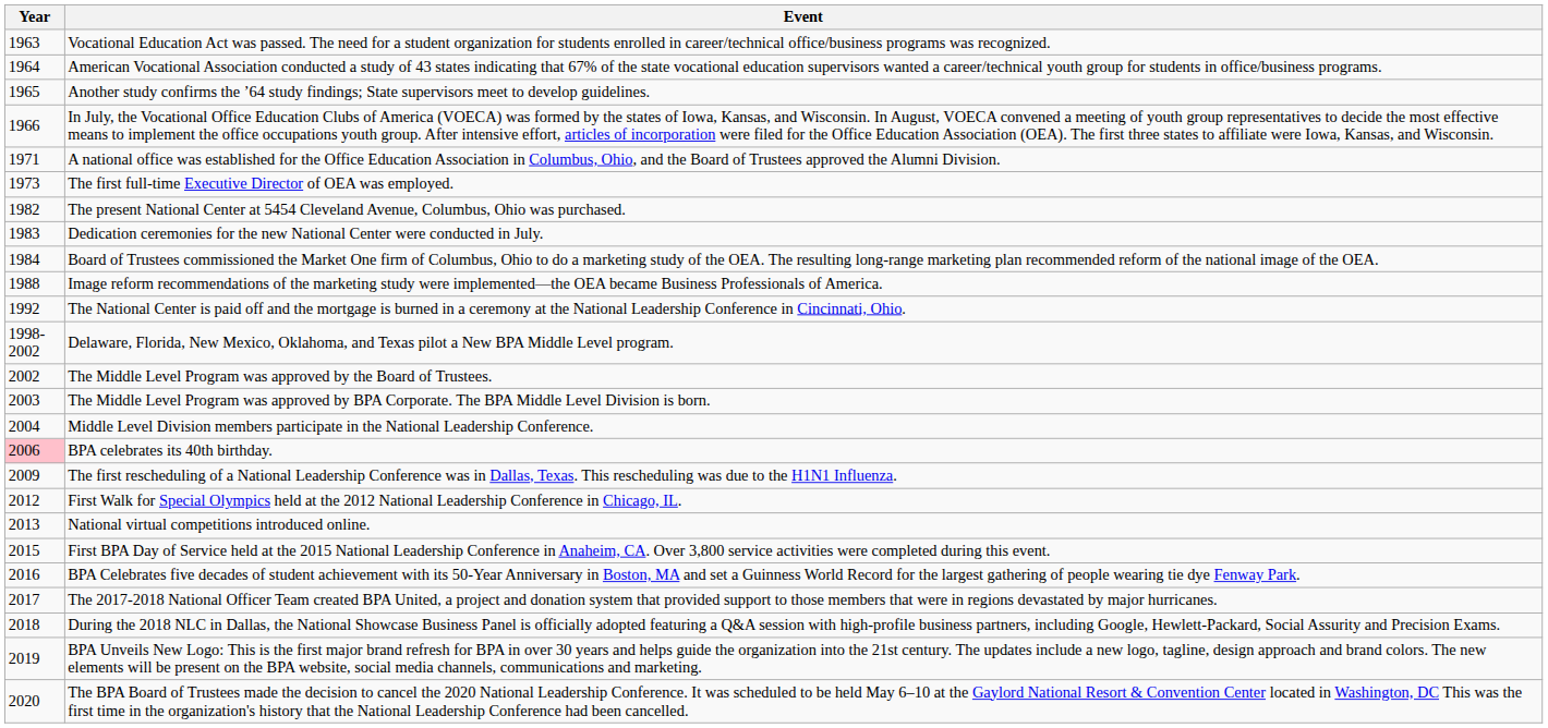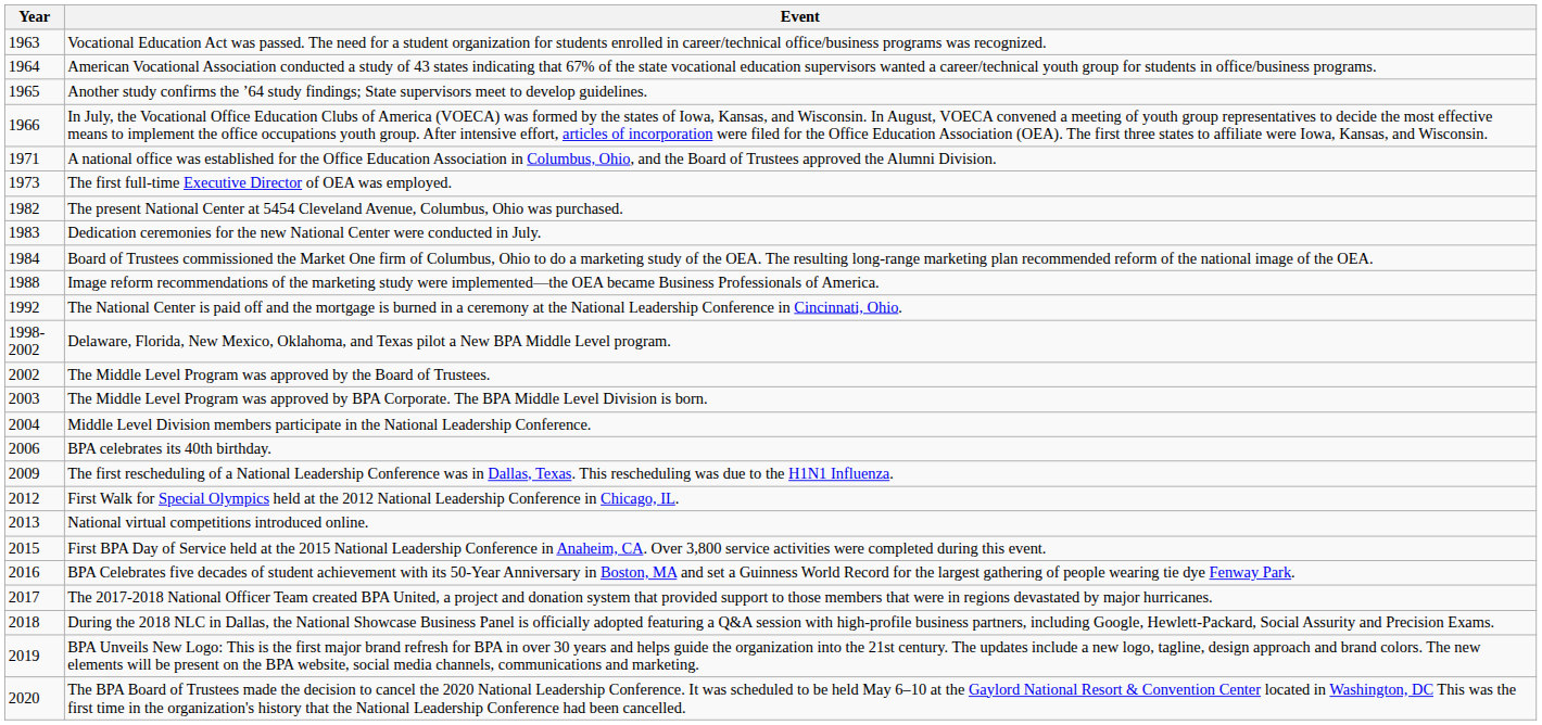 <table class="wikitable">
 <tr>
 <th>Year</th>
 <th>Event</th>
 </tr>
 <tr>
 <td>1963</td>
 <td>Vocational Education Act was passed. The need for a student organization for students enrolled in career/technical office/business programs was recognized.</td>
 </tr>
 <tr>
 <td>1964</td>
 <td>American Vocational Association conducted a study of 43 states indicating that 67% of the state vocational education supervisors wanted a career/technical youth group for students in office/business programs.</td>
 </tr>
 <tr>
 <td>1965</td>
 <td>Another study confirms the ’64 study findings; State supervisors meet to develop guidelines.</td>
 </tr>
 <tr>
 <td>1966</td>
 <td>In July, the Vocational Office Education Clubs of America (VOECA) was formed by the states of Iowa, Kansas, and Wisconsin. In August, VOECA convened a meeting of youth group representatives to decide the most effective means to implement the office occupations youth group. After intensive effort, <a href='#'>articles of incorporation</a> were filed for the Office Education Association (OEA). The first three states to affiliate were Iowa, Kansas, and Wisconsin.</td>
 </tr>
 <tr>
 <td>1971</td>
 <td>A national office was established for the Office Education Association in <a href='#'>Columbus, Ohio</a>, and the Board of Trustees approved the Alumni Division.</td>
 </tr>
 <tr>
 <td>1973</td>
 <td>The first full-time <a href='#'>Executive Director</a> of OEA was employed.</td>
 </tr>
 <tr>
 <td>1982</td>
 <td>The present National Center at 5454 Cleveland Avenue, Columbus, Ohio was purchased.</td>
 </tr>
 <tr>
 <td>1983</td>
 <td>Dedication ceremonies for the new National Center were conducted in July.</td>
 </tr>
 <tr>
 <td>1984</td>
 <td>Board of Trustees commissioned the Market One firm of Columbus, Ohio to do a marketing study of the OEA. The resulting long-range marketing plan recommended reform of the national image of the OEA.</td>
 </tr>
 <tr>
 <td>1988</td>
 <td>Image reform recommendations of the marketing study were implemented—the OEA became Business Professionals of America.</td>
 </tr>
 <tr>
 <td>1992</td>
 <td>The National Center is paid off and the mortgage is burned in a ceremony at the National Leadership Conference in <a href='#'>Cincinnati, Ohio</a>.</td>
 </tr>
 <tr>
 <td>1998-2002</td>
 <td>Delaware, Florida, New Mexico, Oklahoma, and Texas pilot a New BPA Middle Level program.</td>
 </tr>
 <tr>
 <td>2002</td>
 <td>The Middle Level Program was approved by the Board of Trustees.</td>
 </tr>
 <tr>
 <td>2003</td>
 <td>The Middle Level Program was approved by BPA Corporate. The BPA Middle Level Division is born.</td>
 </tr>
 <tr>
 <td>2004</td>
 <td>Middle Level Division members participate in the National Leadership Conference.</td>
 </tr>
 <tr>
-<td style="background: pink;">2006</td>
+<td>2006</td>
 <td>BPA celebrates its 40th birthday.</td>
 </tr>
 <tr>
 <td>2009</td>
 <td>The first rescheduling of a National Leadership Conference was in <a href='#'>Dallas, Texas</a>. This rescheduling was due to the <a href='#'>H1N1 Influenza</a>.</td>
 </tr>
 <tr>
 <td>2012</td>
 <td>First Walk for <a href='#'>Special Olympics</a> held at the 2012 National Leadership Conference in <a href='#'>Chicago, IL</a>.</td>
 </tr>
 <tr>
 <td>2013</td>
 <td>National virtual competitions introduced online.</td>
 </tr>
 <tr>
 <td>2015</td>
 <td>First BPA Day of Service held at the 2015 National Leadership Conference in <a href='#'>Anaheim, CA</a>. Over 3,800 service activities were completed during this event.</td>
 </tr>
 <tr>
 <td>2016</td>
 <td>BPA Celebrates five decades of student achievement with its 50-Year Anniversary in <a href='#'>Boston, MA</a> and set a Guinness World Record for the largest gathering of people wearing tie dye <a href='#'>Fenway Park</a>.</td>
 </tr>
 <tr>
 <td>2017</td>
 <td>The 2017-2018 National Officer Team created BPA United, a project and donation system that provided support to those members that were in regions devastated by major hurricanes.</td>
 </tr>
 <tr>
 <td>2018</td>
 <td>During the 2018 NLC in Dallas, the National Showcase Business Panel is officially adopted featuring a Q&A session with high-profile business partners, including Google, Hewlett-Packard, Social Assurity and Precision Exams.</td>
 </tr>
 <tr>
 <td>2019</td>
 <td>BPA Unveils New Logo: This is the first major brand refresh for BPA in over 30 years and helps guide the organization into the 21st century. The updates include a new logo, tagline, design approach and brand colors. The new elements will be present on the BPA website, social media channels, communications and marketing.</td>
 </tr>
 <tr>
 <td>2020</td>
 <td>The BPA Board of Trustees made the decision to cancel the 2020 National Leadership Conference. It was scheduled to be held May 6–10 at the <a href='#'>Gaylord National Resort & Convention Center</a> located in <a href='#'>Washington, DC</a> This was the first time in the organization's history that the National Leadership Conference had been cancelled.</td>
 </tr>
 </table>
